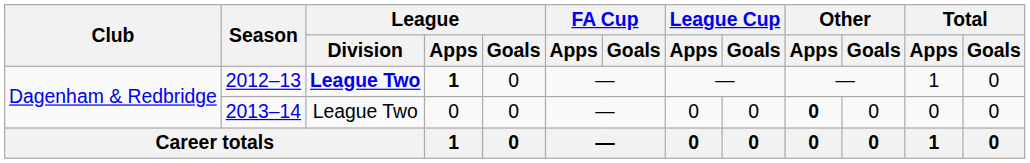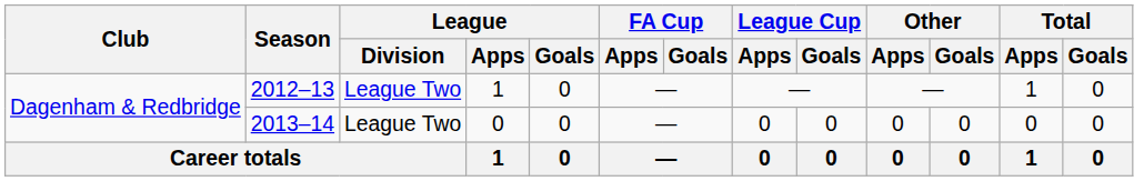 <table class="wikitable" style="text-align: center;">
 <tr>
 <th rowspan="2">Club</th>
 <th rowspan="2">Season</th>
 <th colspan="3">League</th>
 <th colspan="2"><a href='#'>FA Cup</a></th>
 <th colspan="2"><a href='#'>League Cup</a></th>
 <th colspan="2">Other</th>
 <th colspan="2">Total</th>
 </tr>
 <tr>
 <th>Division</th>
 <th>Apps</th>
 <th>Goals</th>
 <th>Apps</th>
 <th>Goals</th>
 <th>Apps</th>
 <th>Goals</th>
 <th>Apps</th>
 <th>Goals</th>
 <th>Apps</th>
 <th>Goals</th>
 </tr>
 <tr>
 <td rowspan="2" valign="center"><a href='#'>Dagenham & Redbridge</a></td>
 <td><a href='#'>2012–13</a></td>
-<td><strong><a href='#'>League Two</a></strong></td>
-<td><strong>1</strong></td>
+<td><a href='#'>League Two</a></td>
+<td>1</td>
 <td>0</td>
 <td colspan=2>—</td>
 <td colspan=2>—</td>
 <td colspan=2>—</td>
 <td>1</td>
 <td>0</td>
 </tr>
 <tr>
 <td><a href='#'>2013–14</a></td>
 <td>League Two</td>
 <td>0</td>
 <td>0</td>
 <td colspan=2>—</td>
 <td>0</td>
 <td>0</td>
-<td><strong>0</strong></td>
+<td>0</td>
 <td>0</td>
 <td>0</td>
 <td>0</td>
 </tr>
 <tr>
 <th colspan="3">Career totals</th>
 <th>1</th>
 <th>0</th>
 <th colspan=2>—</th>
 <th>0</th>
 <th>0</th>
 <th>0</th>
 <th>0</th>
 <th>1</th>
 <th>0</th>
 </tr>
 </table>
